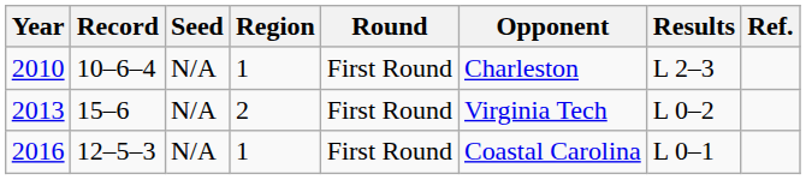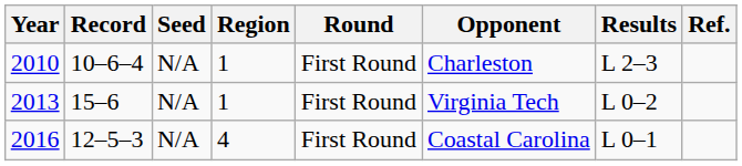 <table class="wikitable">
 <tr>
 <th width=px>Year</th>
 <th width=px>Record</th>
 <th width=px>Seed</th>
 <th width=px>Region</th>
 <th width=px>Round</th>
 <th width=px>Opponent</th>
 <th width=px>Results</th>
 <th width=px>Ref.</th>
 </tr>
 <tr>
 <td><a href='#'>2010</a></td>
 <td>10–6–4</td>
 <td>N/A</td>
 <td>1</td>
 <td>First Round</td>
 <td><a href='#'>Charleston</a></td>
 <td>L 2–3</td>
 <td></td>
 </tr>
 <tr>
 <td><a href='#'>2013</a></td>
 <td>15–6</td>
 <td>N/A</td>
-<td>2</td>
+<td>1</td>
 <td>First Round</td>
 <td><a href='#'>Virginia Tech</a></td>
 <td>L 0–2</td>
 <td></td>
 </tr>
 <tr>
 <td><a href='#'>2016</a></td>
 <td>12–5–3</td>
 <td>N/A</td>
-<td>1</td>
+<td>4</td>
 <td>First Round</td>
 <td><a href='#'>Coastal Carolina</a></td>
 <td>L 0–1</td>
 <td></td>
 </tr>
 </table>
